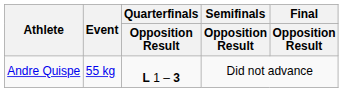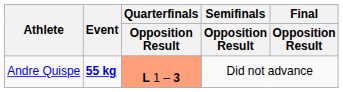 <table class="wikitable" border="1" style="font-size:90%">
 <tr>
 <th rowspan=2>Athlete</th>
 <th rowspan=2>Event</th>
 <th>Quarterfinals</th>
 <th>Semifinals</th>
 <th>Final</th>
 </tr>
 <tr>
 <th>Opposition<br>Result</th>
 <th>Opposition<br>Result</th>
 <th>Opposition<br>Result</th>
 </tr>
 <tr>
 <td><a href='#'>Andre Quispe</a></td>
-<td><a href='#'>55 kg</a></td>
-<td align=center><br><strong>L</strong> 1 – <strong>3</strong></td>
+<td><strong><a href='#'>55 kg</a></strong></td>
+<td align=center style="background: lightsalmon;"><br><strong>L</strong> 1 – <strong>3</strong></td>
 <td align=center colspan="7">Did not advance</td>
 </tr>
 </table>
